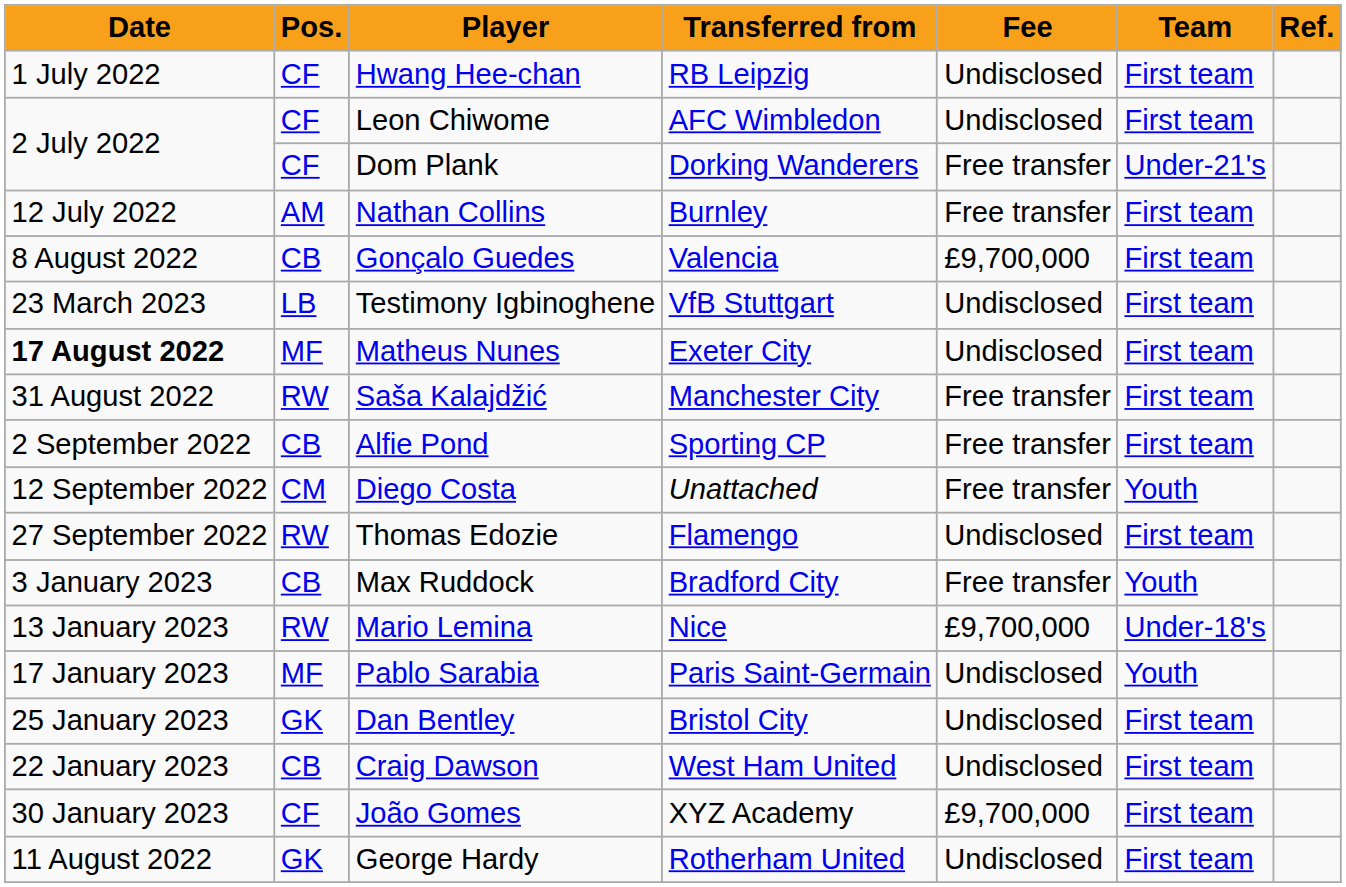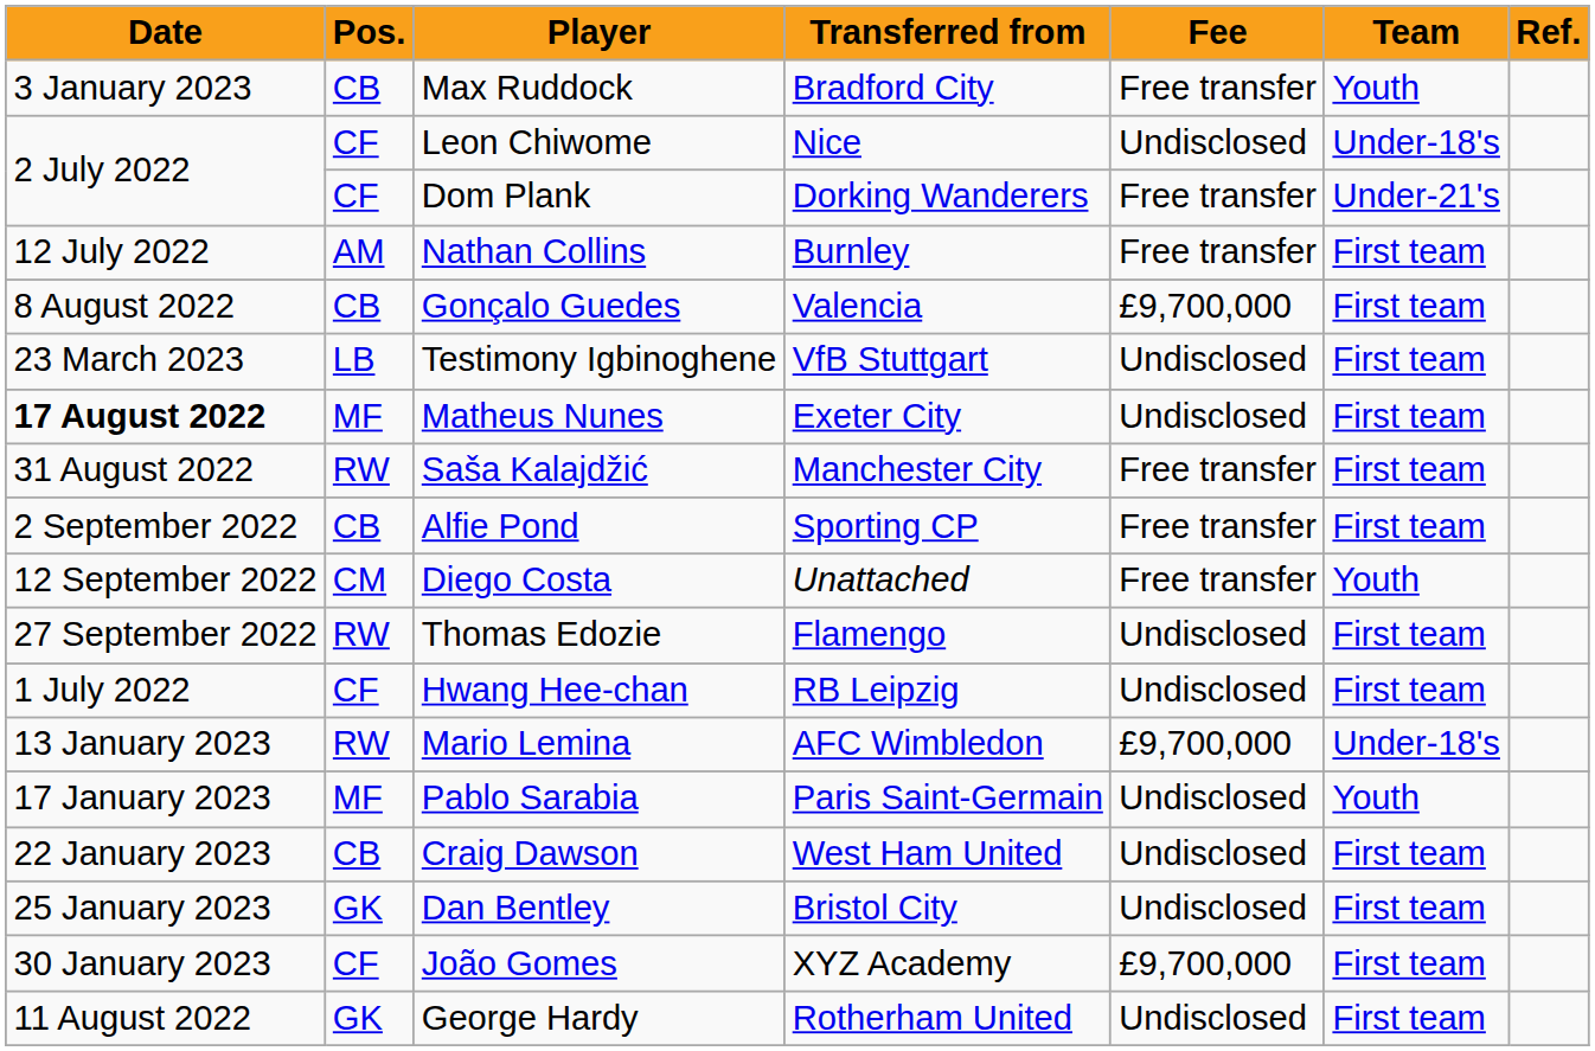 <table class="wikitable plainrowheaders sortable">
 <tr>
 <th style="background:#F9A01B; color:#000000; ">Date</th>
 <th style="background:#F9A01B; color:#000000; ">Pos.</th>
 <th style="background:#F9A01B; color:#000000; ">Player</th>
 <th style="background:#F9A01B; color:#000000; ">Transferred from</th>
 <th style="background:#F9A01B; color:#000000; ">Fee</th>
 <th style="background:#F9A01B; color:#000000; ">Team</th>
 <th style="background:#F9A01B; color:#000000; ">Ref.</th>
 </tr>
 <tr>
-<td>1 July 2022</td>
-<td><a href='#'>CF</a></td>
-<td> <a href='#'>Hwang Hee-chan</a></td>
-<td> <a href='#'>RB Leipzig</a></td>
-<td>Undisclosed</td>
-<td><a href='#'>First team</a></td>
+<td>3 January 2023</td>
+<td><a href='#'>CB</a></td>
+<td> Max Ruddock</td>
+<td> <a href='#'>Bradford City</a></td>
+<td>Free transfer</td>
+<td><a href='#'>Youth</a></td>
 <td></td>
 </tr>
 <tr>
 <td rowspan="2">2 July 2022</td>
 <td><a href='#'>CF</a></td>
 <td> Leon Chiwome</td>
-<td> <a href='#'>AFC Wimbledon</a></td>
+<td> <a href='#'>Nice</a></td>
 <td>Undisclosed</td>
-<td><a href='#'>First team</a></td>
+<td><a href='#'>Under-18's</a></td>
 <td></td>
 </tr>
 <tr>
 <td><a href='#'>CF</a></td>
 <td> Dom Plank</td>
 <td> <a href='#'>Dorking Wanderers</a></td>
 <td>Free transfer</td>
 <td><a href='#'>Under-21's</a></td>
 <td></td>
 </tr>
 <tr>
 <td>12 July 2022</td>
 <td><a href='#'>AM</a></td>
 <td> <a href='#'>Nathan Collins</a></td>
 <td> <a href='#'>Burnley</a></td>
 <td>Free transfer</td>
 <td><a href='#'>First team</a></td>
 <td></td>
 </tr>
 <tr>
 <td>8 August 2022</td>
 <td><a href='#'>CB</a></td>
 <td> <a href='#'>Gonçalo Guedes</a></td>
 <td> <a href='#'>Valencia</a></td>
 <td>£9,700,000</td>
 <td><a href='#'>First team</a></td>
 <td></td>
 </tr>
 <tr>
 <td>23 March 2023</td>
 <td><a href='#'>LB</a></td>
 <td> Testimony Igbinoghene</td>
 <td> <a href='#'>VfB Stuttgart</a></td>
 <td>Undisclosed</td>
 <td><a href='#'>First team</a></td>
 <td></td>
 </tr>
 <tr>
 <td><strong>17 August 2022</strong></td>
 <td><a href='#'>MF</a></td>
 <td> <a href='#'>Matheus Nunes</a></td>
 <td> <a href='#'>Exeter City</a></td>
 <td>Undisclosed</td>
 <td><a href='#'>First team</a></td>
 <td></td>
 </tr>
 <tr>
 <td>31 August 2022</td>
 <td><a href='#'>RW</a></td>
 <td> <a href='#'>Saša Kalajdžić</a></td>
 <td> <a href='#'>Manchester City</a></td>
 <td>Free transfer</td>
 <td><a href='#'>First team</a></td>
 <td></td>
 </tr>
 <tr>
 <td>2 September 2022</td>
 <td><a href='#'>CB</a></td>
 <td> <a href='#'>Alfie Pond</a></td>
 <td> <a href='#'>Sporting CP</a></td>
 <td>Free transfer</td>
 <td><a href='#'>First team</a></td>
 <td></td>
 </tr>
 <tr>
 <td>12 September 2022</td>
 <td><a href='#'>CM</a></td>
 <td> <a href='#'>Diego Costa</a></td>
 <td><em>Unattached</em></td>
 <td>Free transfer</td>
 <td><a href='#'>Youth</a></td>
 <td></td>
 </tr>
 <tr>
 <td>27 September 2022</td>
 <td><a href='#'>RW</a></td>
 <td> Thomas Edozie</td>
 <td> <a href='#'>Flamengo</a></td>
 <td>Undisclosed</td>
 <td><a href='#'>First team</a></td>
 <td></td>
 </tr>
 <tr>
-<td>3 January 2023</td>
-<td><a href='#'>CB</a></td>
-<td> Max Ruddock</td>
-<td> <a href='#'>Bradford City</a></td>
-<td>Free transfer</td>
-<td><a href='#'>Youth</a></td>
+<td>1 July 2022</td>
+<td><a href='#'>CF</a></td>
+<td> <a href='#'>Hwang Hee-chan</a></td>
+<td> <a href='#'>RB Leipzig</a></td>
+<td>Undisclosed</td>
+<td><a href='#'>First team</a></td>
 <td></td>
 </tr>
 <tr>
 <td>13 January 2023</td>
 <td><a href='#'>RW</a></td>
 <td> <a href='#'>Mario Lemina</a></td>
-<td> <a href='#'>Nice</a></td>
+<td> <a href='#'>AFC Wimbledon</a></td>
 <td>£9,700,000</td>
 <td><a href='#'>Under-18's</a></td>
 <td></td>
 </tr>
 <tr>
 <td>17 January 2023</td>
 <td><a href='#'>MF</a></td>
 <td> <a href='#'>Pablo Sarabia</a></td>
 <td> <a href='#'>Paris Saint-Germain</a></td>
 <td>Undisclosed</td>
 <td><a href='#'>Youth</a></td>
 <td></td>
 </tr>
 <tr>
-<td>25 January 2023</td>
-<td><a href='#'>GK</a></td>
-<td> <a href='#'>Dan Bentley</a></td>
-<td> <a href='#'>Bristol City</a></td>
+<td>22 January 2023</td>
+<td><a href='#'>CB</a></td>
+<td> <a href='#'>Craig Dawson</a></td>
+<td> <a href='#'>West Ham United</a></td>
 <td>Undisclosed</td>
 <td><a href='#'>First team</a></td>
 <td></td>
 </tr>
 <tr>
-<td>22 January 2023</td>
-<td><a href='#'>CB</a></td>
-<td> <a href='#'>Craig Dawson</a></td>
-<td> <a href='#'>West Ham United</a></td>
+<td>25 January 2023</td>
+<td><a href='#'>GK</a></td>
+<td> <a href='#'>Dan Bentley</a></td>
+<td> <a href='#'>Bristol City</a></td>
 <td>Undisclosed</td>
 <td><a href='#'>First team</a></td>
 <td></td>
 </tr>
 <tr>
 <td>30 January 2023</td>
 <td><a href='#'>CF</a></td>
 <td> <a href='#'>João Gomes</a></td>
 <td> XYZ Academy</td>
 <td>£9,700,000</td>
 <td><a href='#'>First team</a></td>
 <td></td>
 </tr>
 <tr>
 <td>11 August 2022</td>
 <td><a href='#'>GK</a></td>
 <td> George Hardy</td>
 <td> <a href='#'>Rotherham United</a></td>
 <td>Undisclosed</td>
 <td><a href='#'>First team</a></td>
 <td></td>
 </tr>
 </table>
